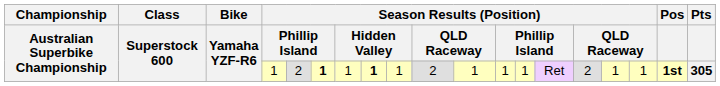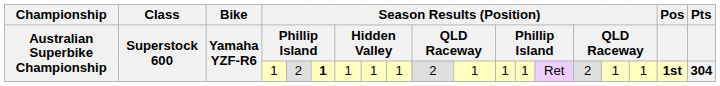 <table class="wikitable" style="text-align:center">
 <tr>
 <th>Championship</th>
 <th>Class</th>
 <th>Bike</th>
 <th colspan=15>Season Results (Position)</th>
 <th>Pos</th>
 <th>Pts</th>
 </tr>
 <tr>
 <th rowspan=2>Australian Superbike <br> Championship</th>
 <th rowspan=2>Superstock 600</th>
 <th rowspan=2>Yamaha <br> YZF-R6</th>
 <th colspan=3 width="132pt">Phillip Island</th>
 <th colspan=3 width="132pt">Hidden Valley</th>
 <th colspan=3 width="132pt">QLD Raceway</th>
 <th colspan=3 width="132pt">Phillip Island</th>
 <th colspan=3 width="132pt">QLD Raceway</th>
 <th></th>
 <th></th>
 </tr>
 <tr>
 <td style="background:#ffffbf;">1</td>
 <td style="background:#dfdfdf;">2</td>
 <td style="background:#ffffbf;"><strong>1</strong></td>
 <td style="background:#ffffbf;">1</td>
-<td style="background:#ffffbf;"><strong>1</strong></td>
+<td style="background:#ffffbf;">1</td>
 <td style="background:#ffffbf;">1</td>
 <td style="background:#dfdfdf;">2</td>
 <td colspan=2 style="background:#ffffbf;">1</td>
 <td style="background:#ffffbf;">1</td>
 <td style="background:#ffffbf;">1</td>
 <td style="background:#efcfff;">Ret</td>
 <td style="background:#dfdfdf;">2</td>
 <td style="background:#ffffbf;">1</td>
 <td style="background:#ffffbf;">1</td>
 <th style="background:#ffffbf;">1st</th>
-<th>305</th>
+<th>304</th>
 </tr>
 </table>
